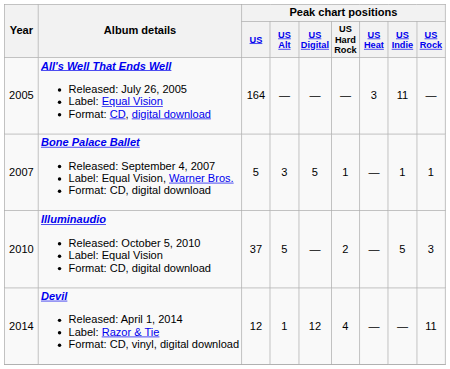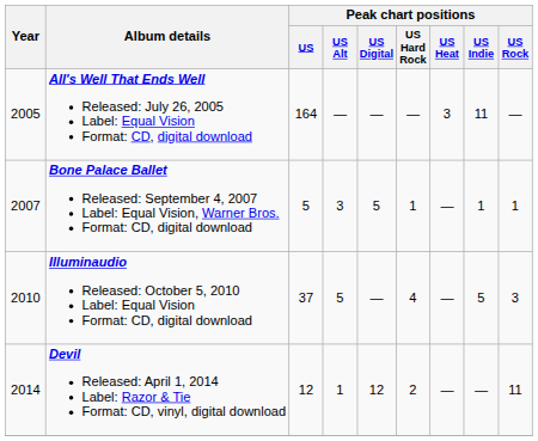 <table class="wikitable" style="text-align:center;">
 <tr>
 <th rowspan="2" width="42">Year</th>
 <th rowspan="2">Album details</th>
 <th colspan="7">Peak chart positions</th>
 </tr>
 <tr>
 <th style="width:35px;font-size:smaller;"><a href='#'>US</a><br></th>
 <th style="width:35px;font-size:smaller;"><a href='#'>US<br>Alt</a><br></th>
 <th style="width:35px;font-size:smaller;"><a href='#'>US Digital</a><br></th>
 <th style="width:35px;font-size:smaller;">US Hard Rock<br></th>
 <th style="width:35px;font-size:smaller;"><a href='#'>US Heat</a><br></th>
 <th style="width:35px;font-size:smaller;"><a href='#'>US Indie</a><br></th>
 <th style="width:35px;font-size:smaller;"><a href='#'>US Rock</a><br></th>
 </tr>
 <tr>
 <td>2005</td>
 <td align="left"><strong><em><a href='#'>All's Well That Ends Well</a></em></strong><br><ul><li>Released: July 26, 2005</li><li>Label: <a href='#'>Equal Vision</a></li><li>Format: <a href='#'>CD</a>, <a href='#'>digital download</a></li></ul></td>
 <td>164</td>
 <td>—</td>
 <td>—</td>
 <td>—</td>
 <td>3</td>
 <td>11</td>
 <td>—</td>
 </tr>
 <tr>
 <td>2007</td>
 <td align="left"><strong><em><a href='#'>Bone Palace Ballet</a></em></strong><br><ul><li>Released: September 4, 2007</li><li>Label: Equal Vision, <a href='#'>Warner Bros.</a></li><li>Format: CD, digital download</li></ul></td>
 <td>5</td>
 <td>3</td>
 <td>5</td>
 <td>1</td>
 <td>—</td>
 <td>1</td>
 <td>1</td>
 </tr>
 <tr>
 <td>2010</td>
 <td align="left"><strong><em><a href='#'>Illuminaudio</a></em></strong><br><ul><li>Released: October 5, 2010</li><li>Label: Equal Vision</li><li>Format: CD, digital download</li></ul></td>
 <td>37</td>
 <td>5</td>
 <td>—</td>
-<td>2</td>
+<td>4</td>
 <td>—</td>
 <td>5</td>
 <td>3</td>
 </tr>
 <tr>
 <td>2014</td>
 <td align="left"><strong><em><a href='#'>Devil</a></em></strong><br><ul><li>Released: April 1, 2014</li><li>Label: <a href='#'>Razor & Tie</a></li><li>Format: CD, vinyl, digital download</li></ul></td>
 <td>12</td>
 <td>1</td>
 <td>12</td>
-<td>4</td>
+<td>2</td>
 <td>—</td>
 <td>—</td>
 <td>11</td>
 </tr>
 <tr>
 </tr>
 </table>
